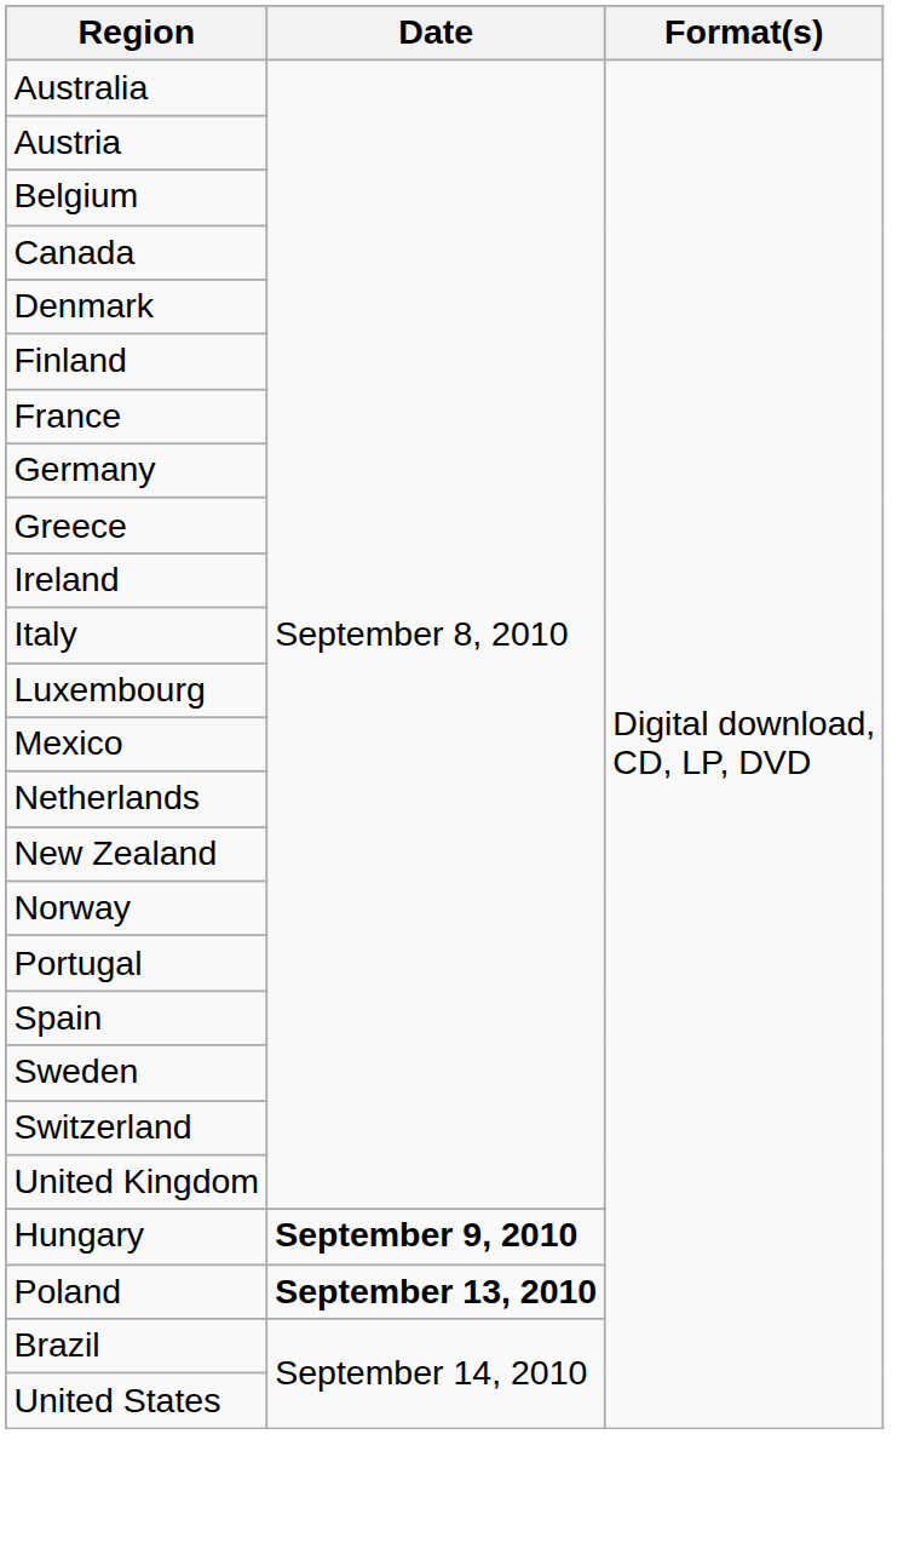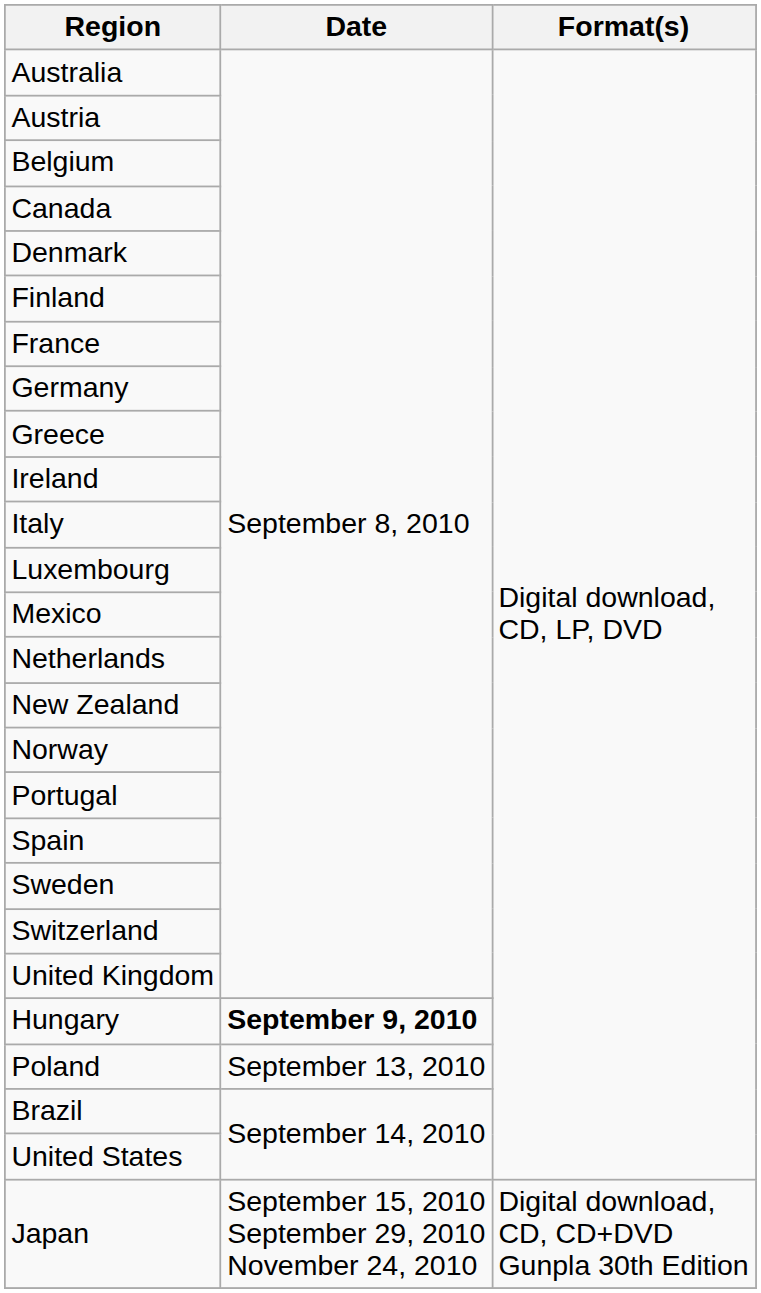 <table class="wikitable">
 <tr>
 <th>Region</th>
 <th>Date</th>
 <th>Format(s)</th>
 </tr>
 <tr>
 <td>Australia</td>
 <td rowspan="21">September 8, 2010</td>
 <td rowspan="25">Digital download,<br>CD, LP, DVD</td>
 </tr>
 <tr>
 <td>Austria</td>
 </tr>
 <tr>
 <td>Belgium</td>
 </tr>
 <tr>
 <td>Canada</td>
 </tr>
 <tr>
 <td>Denmark</td>
 </tr>
 <tr>
 <td>Finland</td>
 </tr>
 <tr>
 <td>France</td>
 </tr>
 <tr>
 <td>Germany</td>
 </tr>
 <tr>
 <td>Greece</td>
 </tr>
 <tr>
 <td>Ireland</td>
 </tr>
 <tr>
 <td>Italy</td>
 </tr>
 <tr>
 <td>Luxembourg</td>
 </tr>
 <tr>
 <td>Mexico</td>
 </tr>
 <tr>
 <td>Netherlands</td>
 </tr>
 <tr>
 <td>New Zealand</td>
 </tr>
 <tr>
 <td>Norway</td>
 </tr>
 <tr>
 <td>Portugal</td>
 </tr>
 <tr>
 <td>Spain</td>
 </tr>
 <tr>
 <td>Sweden</td>
 </tr>
 <tr>
 <td>Switzerland</td>
 </tr>
 <tr>
 <td>United Kingdom</td>
 </tr>
 <tr>
 <td>Hungary</td>
 <td><strong>September 9, 2010</strong></td>
 </tr>
 <tr>
 <td>Poland</td>
-<td><strong>September 13, 2010</strong></td>
+<td>September 13, 2010</td>
 </tr>
 <tr>
 <td>Brazil</td>
 <td rowspan="2">September 14, 2010</td>
 </tr>
 <tr>
 <td>United States</td>
 </tr>
 <tr>
+<td>Japan</td>
+<td>September 15, 2010<br>September 29, 2010<br>November 24, 2010</td>
+<td>Digital download,<br>CD, CD+DVD<br>Gunpla 30th Edition</td>
+</tr>
+<tr>
 </tr>
 </table>
